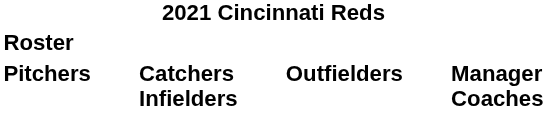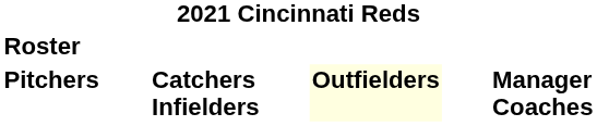 <table class="toccolours" style="font-size: 95%;">
 <tr>
 <th colspan="10">2021 Cincinnati Reds</th>
 </tr>
 <tr>
 <td colspan="10"><strong>Roster</strong></td>
 </tr>
 <tr>
 <td valign="top"><strong>Pitchers</strong><br>                               </td>
 <td width="25px"></td>
 <td valign="top"><strong>Catchers</strong><br>  <strong>Infielders</strong>          </td>
 <td width="25px"></td>
-<td valign="top"><strong>Outfielders</strong><br>          </td>
+<td valign="top" style="background: lightyellow;"><strong>Outfielders</strong><br>          </td>
 <td width="25px"></td>
 <td valign="top"><strong>Manager</strong><br> <strong>Coaches</strong>                            </td>
 </tr>
 </table>
